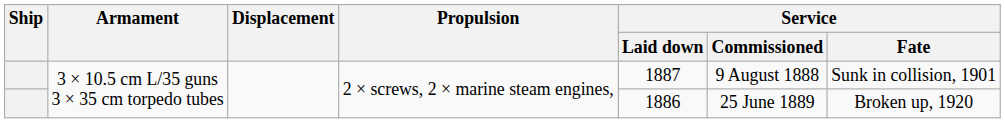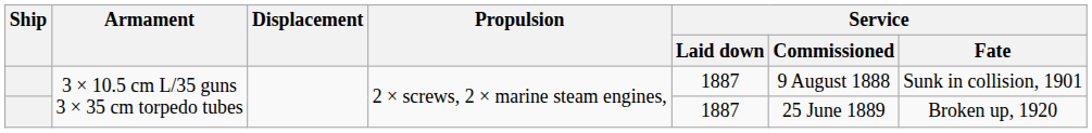 <table class="wikitable plainrowheaders" style="text-align: center;">
 <tr valign="top">
 <th scope="col" rowspan="2">Ship</th>
 <th scope="col" rowspan="2">Armament</th>
 <th scope="col" rowspan="2">Displacement</th>
 <th scope="col" rowspan="2">Propulsion</th>
 <th scope="col" colspan="3">Service</th>
 </tr>
 <tr valign="top">
 <th scope="col">Laid down</th>
 <th scope="col">Commissioned</th>
 <th scope="col">Fate</th>
 </tr>
 <tr valign="center">
 <th scope="row"></th>
 <td rowspan="2">3 × 10.5 cm L/35 guns<br>3 × 35 cm torpedo tubes</td>
 <td rowspan="2"></td>
 <td rowspan="2">2 × screws, 2 × marine steam engines, </td>
 <td>1887</td>
 <td>9 August 1888</td>
 <td>Sunk in collision, 1901</td>
 </tr>
 <tr valign="center">
 <th scope="row"></th>
-<td>1886</td>
+<td>1887</td>
 <td>25 June 1889</td>
 <td>Broken up, 1920</td>
 </tr>
 </table>
